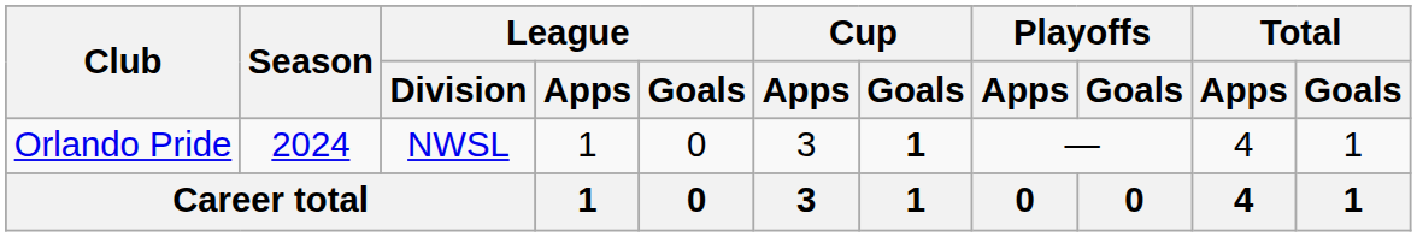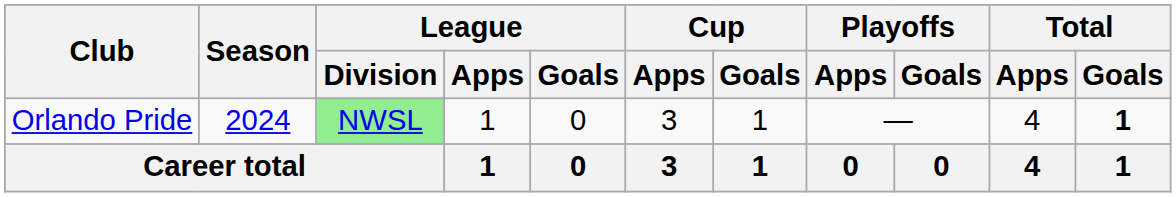 <table class="wikitable" style="text-align: center;">
 <tr>
 <th rowspan="2">Club</th>
 <th rowspan="2">Season</th>
 <th colspan="3">League</th>
 <th colspan="2">Cup</th>
 <th colspan="2">Playoffs</th>
 <th colspan="2">Total</th>
 </tr>
 <tr>
 <th>Division</th>
 <th>Apps</th>
 <th>Goals</th>
 <th>Apps</th>
 <th>Goals</th>
 <th>Apps</th>
 <th>Goals</th>
 <th>Apps</th>
 <th>Goals</th>
 </tr>
 <tr>
 <td><a href='#'>Orlando Pride</a></td>
 <td><a href='#'>2024</a></td>
-<td><a href='#'>NWSL</a></td>
+<td style="background: lightgreen;"><a href='#'>NWSL</a></td>
 <td>1</td>
 <td>0</td>
 <td>3</td>
-<td><strong>1</strong></td>
+<td>1</td>
 <td colspan="2">—</td>
 <td>4</td>
-<td>1</td>
+<td><strong>1</strong></td>
 </tr>
 <tr>
 <th colspan="3">Career total</th>
 <th>1</th>
 <th>0</th>
 <th>3</th>
 <th>1</th>
 <th>0</th>
 <th>0</th>
 <th>4</th>
 <th>1</th>
 </tr>
 </table>
